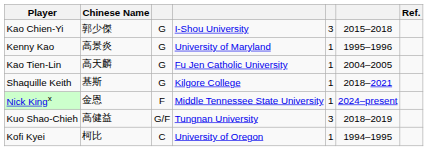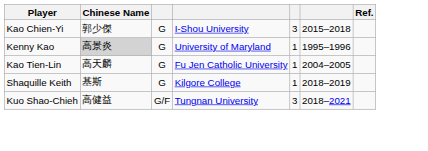 <table class="wikitable sortable" style="font-size:95%; text-align:left;">
 <tr>
 <th>Player</th>
 <th>Chinese Name</th>
 <th></th>
 <th></th>
 <th></th>
 <th></th>
 <th>Ref.</th>
 </tr>
 <tr>
 <td>Kao Chien-Yi</td>
 <td>郭少傑</td>
 <td align="center">G</td>
 <td><a href='#'>I-Shou University</a></td>
 <td align="center">3</td>
 <td align="center">2015–2018</td>
 <td></td>
 </tr>
 <tr>
 <td>Kenny Kao</td>
-<td>高景炎</td>
+<td style="background: lightgrey;">高景炎</td>
 <td align="center">G</td>
 <td><a href='#'>University of Maryland</a></td>
 <td align="center">1</td>
 <td align="center">1995–1996</td>
 <td></td>
 </tr>
 <tr>
 <td>Kao Tien-Lin</td>
 <td>高天麟</td>
 <td align="center">G</td>
 <td><a href='#'>Fu Jen Catholic University</a></td>
 <td align="center">1</td>
 <td align="center">2004–2005</td>
 <td></td>
 </tr>
 <tr>
 <td>Shaquille Keith</td>
 <td>基斯</td>
 <td align="center">G</td>
 <td><a href='#'>Kilgore College</a></td>
 <td align="center">1</td>
-<td align="center">2018–<a href='#'>2021</a></td>
-<td></td>
-</tr>
-<tr>
-<td bgcolor="#CCFFCC"><a href='#'>Nick King</a><sup>x</sup></td>
-<td>金恩</td>
-<td align="center">F</td>
-<td><a href='#'>Middle Tennessee State University</a></td>
-<td align="center">1</td>
-<td align="center"><a href='#'>2024–present</a></td>
+<td align="center">2018–2019</td>
 <td></td>
 </tr>
 <tr>
 <td>Kuo Shao-Chieh</td>
 <td>高健益</td>
 <td align="center">G/F</td>
 <td><a href='#'>Tungnan University</a></td>
 <td align="center">3</td>
-<td align="center">2018–2019</td>
-<td></td>
-</tr>
-<tr>
-<td>Kofi Kyei</td>
-<td>柯比</td>
-<td align="center">C</td>
-<td><a href='#'>University of Oregon</a></td>
-<td align="center">1</td>
-<td align="center">1994–1995</td>
+<td align="center">2018–<a href='#'>2021</a></td>
 <td></td>
 </tr>
 </table>
